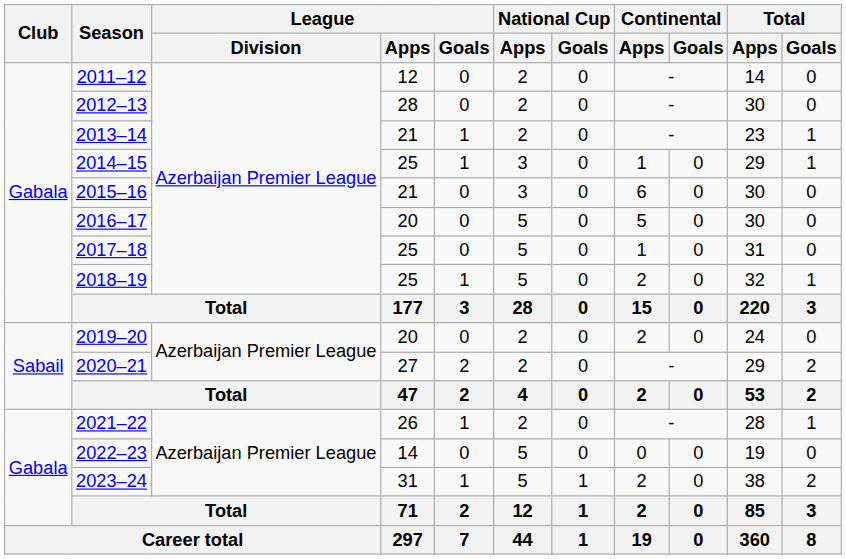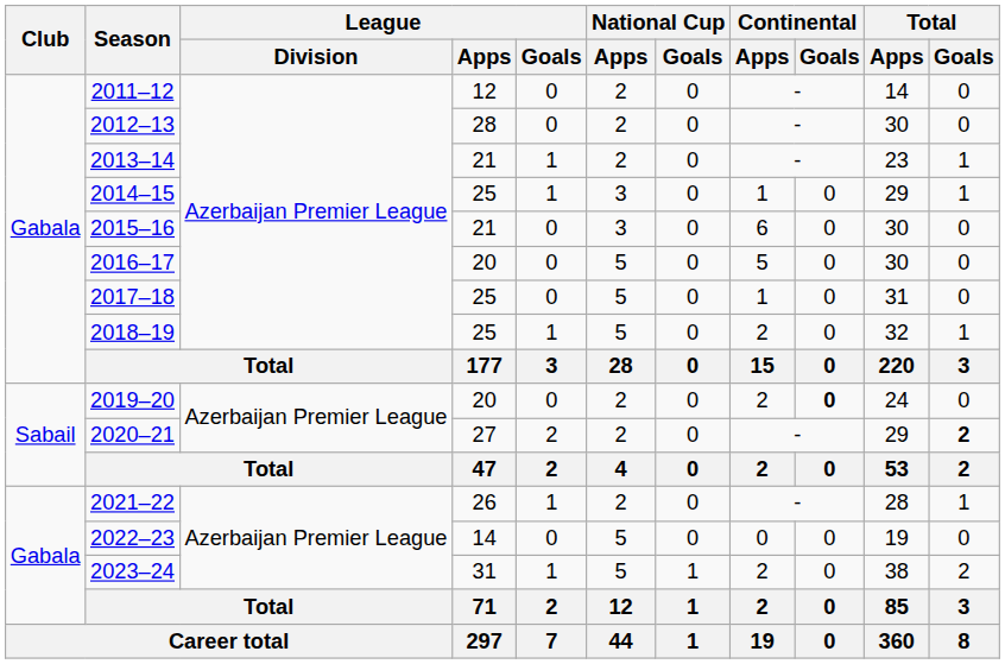 <table class="wikitable" style="text-align: center;">
 <tr>
 <th rowspan="2">Club</th>
 <th rowspan="2">Season</th>
 <th colspan="3">League</th>
 <th colspan="2">National Cup</th>
 <th colspan="2">Continental</th>
 <th colspan="2">Total</th>
 </tr>
 <tr>
 <th>Division</th>
 <th>Apps</th>
 <th>Goals</th>
 <th>Apps</th>
 <th>Goals</th>
 <th>Apps</th>
 <th>Goals</th>
 <th>Apps</th>
 <th>Goals</th>
 </tr>
 <tr>
 <td rowspan="9" valign="center"><a href='#'>Gabala</a></td>
 <td><a href='#'>2011–12</a></td>
 <td rowspan="8" valign="center"><a href='#'>Azerbaijan Premier League</a></td>
 <td>12</td>
 <td>0</td>
 <td>2</td>
 <td>0</td>
 <td colspan="2">-</td>
 <td>14</td>
 <td>0</td>
 </tr>
 <tr>
 <td><a href='#'>2012–13</a></td>
 <td>28</td>
 <td>0</td>
 <td>2</td>
 <td>0</td>
 <td colspan="2">-</td>
 <td>30</td>
 <td>0</td>
 </tr>
 <tr>
 <td><a href='#'>2013–14</a></td>
 <td>21</td>
 <td>1</td>
 <td>2</td>
 <td>0</td>
 <td colspan="2">-</td>
 <td>23</td>
 <td>1</td>
 </tr>
 <tr>
 <td><a href='#'>2014–15</a></td>
 <td>25</td>
 <td>1</td>
 <td>3</td>
 <td>0</td>
 <td>1</td>
 <td>0</td>
 <td>29</td>
 <td>1</td>
 </tr>
 <tr>
 <td><a href='#'>2015–16</a></td>
 <td>21</td>
 <td>0</td>
 <td>3</td>
 <td>0</td>
 <td>6</td>
 <td>0</td>
 <td>30</td>
 <td>0</td>
 </tr>
 <tr>
 <td><a href='#'>2016–17</a></td>
 <td>20</td>
 <td>0</td>
 <td>5</td>
 <td>0</td>
 <td>5</td>
 <td>0</td>
 <td>30</td>
 <td>0</td>
 </tr>
 <tr>
 <td><a href='#'>2017–18</a></td>
 <td>25</td>
 <td>0</td>
 <td>5</td>
 <td>0</td>
 <td>1</td>
 <td>0</td>
 <td>31</td>
 <td>0</td>
 </tr>
 <tr>
 <td><a href='#'>2018–19</a></td>
 <td>25</td>
 <td>1</td>
 <td>5</td>
 <td>0</td>
 <td>2</td>
 <td>0</td>
 <td>32</td>
 <td>1</td>
 </tr>
 <tr>
 <th colspan="2">Total</th>
 <th>177</th>
 <th>3</th>
 <th>28</th>
 <th>0</th>
 <th>15</th>
 <th>0</th>
 <th>220</th>
 <th>3</th>
 </tr>
 <tr>
 <td rowspan="3" valign="center"><a href='#'>Sabail</a></td>
 <td><a href='#'>2019–20</a></td>
 <td rowspan="2" valign="center">Azerbaijan Premier League</td>
 <td>20</td>
 <td>0</td>
 <td>2</td>
 <td>0</td>
 <td>2</td>
-<td>0</td>
+<td><strong>0</strong></td>
 <td>24</td>
 <td>0</td>
 </tr>
 <tr>
 <td><a href='#'>2020–21</a></td>
 <td>27</td>
 <td>2</td>
 <td>2</td>
 <td>0</td>
 <td colspan="2">-</td>
 <td>29</td>
-<td>2</td>
+<td><strong>2</strong></td>
 </tr>
 <tr>
 <th colspan="2">Total</th>
 <th>47</th>
 <th>2</th>
 <th>4</th>
 <th>0</th>
 <th>2</th>
 <th>0</th>
 <th>53</th>
 <th>2</th>
 </tr>
 <tr>
 <td rowspan="4" valign="center"><a href='#'>Gabala</a></td>
 <td><a href='#'>2021–22</a></td>
 <td rowspan="3" valign="center">Azerbaijan Premier League</td>
 <td>26</td>
 <td>1</td>
 <td>2</td>
 <td>0</td>
 <td colspan="2">-</td>
 <td>28</td>
 <td>1</td>
 </tr>
 <tr>
 <td><a href='#'>2022–23</a></td>
 <td>14</td>
 <td>0</td>
 <td>5</td>
 <td>0</td>
 <td>0</td>
 <td>0</td>
 <td>19</td>
 <td>0</td>
 </tr>
 <tr>
 <td><a href='#'>2023–24</a></td>
 <td>31</td>
 <td>1</td>
 <td>5</td>
 <td>1</td>
 <td>2</td>
 <td>0</td>
 <td>38</td>
 <td>2</td>
 </tr>
 <tr>
 <th colspan="2">Total</th>
 <th>71</th>
 <th>2</th>
 <th>12</th>
 <th>1</th>
 <th>2</th>
 <th>0</th>
 <th>85</th>
 <th>3</th>
 </tr>
 <tr>
 <th colspan="3">Career total</th>
 <th>297</th>
 <th>7</th>
 <th>44</th>
 <th>1</th>
 <th>19</th>
 <th>0</th>
 <th>360</th>
 <th>8</th>
 </tr>
 </table>
